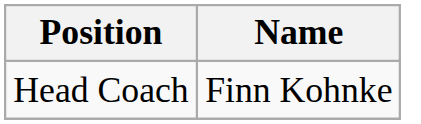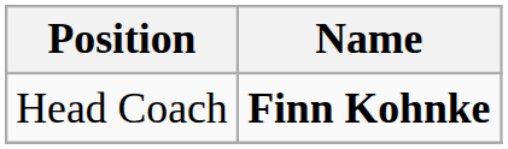 <table class="wikitable">
 <tr>
 <th>Position</th>
 <th>Name</th>
 </tr>
 <tr>
 <td>Head Coach</td>
-<td> Finn Kohnke</td>
+<td><strong> Finn Kohnke</strong></td>
 </tr>
 <tr>
 </tr>
 </table>
